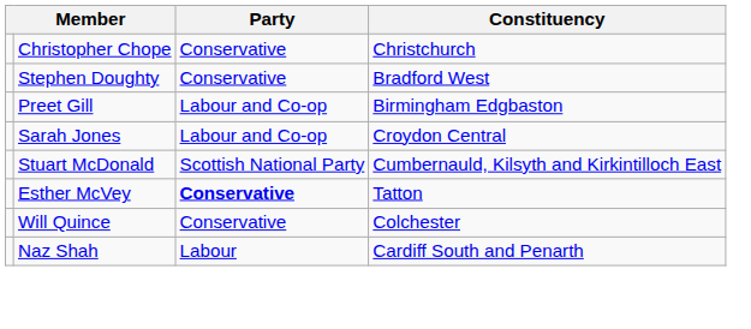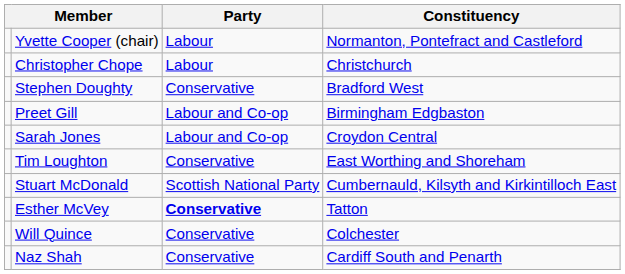 <table class="wikitable">
 <tr>
 <th colspan="2" valign="top">Member</th>
 <th valign="top">Party</th>
 <th valign="top">Constituency</th>
 </tr>
 <tr>
 <td style="color:inherit;background:"></td>
+<td><a href='#'>Yvette Cooper</a> (chair)</td>
+<td><a href='#'>Labour</a></td>
+<td><a href='#'>Normanton, Pontefract and Castleford</a></td>
+</tr>
+<tr>
+<td style="color:inherit;background:"></td>
 <td><a href='#'>Christopher Chope</a></td>
-<td><a href='#'>Conservative</a></td>
+<td><a href='#'>Labour</a></td>
 <td><a href='#'>Christchurch</a></td>
 </tr>
 <tr>
 <td style="color:inherit;background:"></td>
 <td><a href='#'>Stephen Doughty</a></td>
 <td><a href='#'>Conservative</a></td>
 <td><a href='#'>Bradford West</a></td>
 </tr>
 <tr>
 <td style="color:inherit;background:"></td>
 <td><a href='#'>Preet Gill</a></td>
 <td><a href='#'>Labour and Co-op</a></td>
 <td><a href='#'>Birmingham Edgbaston</a></td>
 </tr>
 <tr>
 <td style="color:inherit;background:"></td>
 <td><a href='#'>Sarah Jones</a></td>
 <td><a href='#'>Labour and Co-op</a></td>
 <td><a href='#'>Croydon Central</a></td>
 </tr>
 <tr>
 <td style="color:inherit;background:"></td>
+<td><a href='#'>Tim Loughton</a></td>
+<td><a href='#'>Conservative</a></td>
+<td><a href='#'>East Worthing and Shoreham</a></td>
+</tr>
+<tr>
+<td style="color:inherit;background:"></td>
 <td><a href='#'>Stuart McDonald</a></td>
 <td><a href='#'>Scottish National Party</a></td>
 <td><a href='#'>Cumbernauld, Kilsyth and Kirkintilloch East</a></td>
 </tr>
 <tr>
 <td style="color:inherit;background:"></td>
 <td><a href='#'>Esther McVey</a></td>
 <td><strong><a href='#'>Conservative</a></strong></td>
 <td><a href='#'>Tatton</a></td>
 </tr>
 <tr>
 <td style="color:inherit;background:"></td>
 <td><a href='#'>Will Quince</a></td>
 <td><a href='#'>Conservative</a></td>
 <td><a href='#'>Colchester</a></td>
 </tr>
 <tr>
 <td style="color:inherit;background:"></td>
 <td><a href='#'>Naz Shah</a></td>
-<td><a href='#'>Labour</a></td>
+<td><a href='#'>Conservative</a></td>
 <td><a href='#'>Cardiff South and Penarth</a></td>
 </tr>
 </table>
